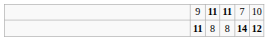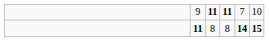 <table class="wikitable">
 <tr>
 <td style="width:18em"></td>
 <td align=center style="width:1em">9</td>
 <td align=center style="width:1em"><strong>11</strong></td>
 <td align=center style="width:1em"><strong>11</strong></td>
 <td align=center style="width:1em">7</td>
 <td align=center style="width:1em">10</td>
 </tr>
 <tr>
 <td style="width:18em"><strong></strong></td>
 <td align=center style="width:1em"><strong>11</strong></td>
 <td align=center style="width:1em">8</td>
 <td align=center style="width:1em">8</td>
 <td align=center style="width:1em"><strong>14</strong></td>
-<td align=center style="width:1em"><strong>12</strong></td>
+<td align=center style="width:1em"><strong>15</strong></td>
 </tr>
 </table>
